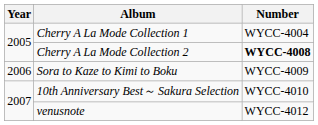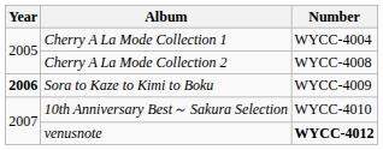 <table class="wikitable sortable">
 <tr>
 <th>Year</th>
 <th>Album</th>
 <th>Number</th>
 </tr>
 <tr>
 <td rowspan="2">2005</td>
 <td><em>Cherry A La Mode Collection 1</em></td>
 <td>WYCC-4004</td>
 </tr>
 <tr>
 <td><em>Cherry A La Mode Collection 2</em></td>
-<td><strong>WYCC-4008</strong></td>
+<td>WYCC-4008</td>
 </tr>
 <tr>
-<td>2006</td>
+<td><strong>2006</strong></td>
 <td><em>Sora to Kaze to Kimi to Boku</em></td>
 <td>WYCC-4009</td>
 </tr>
 <tr>
 <td rowspan="2">2007</td>
 <td><em>10th Anniversary Best～ Sakura Selection</em></td>
 <td>WYCC-4010</td>
 </tr>
 <tr>
 <td><em>venusnote</em></td>
-<td>WYCC-4012</td>
+<td><strong>WYCC-4012</strong></td>
 </tr>
 </table>
